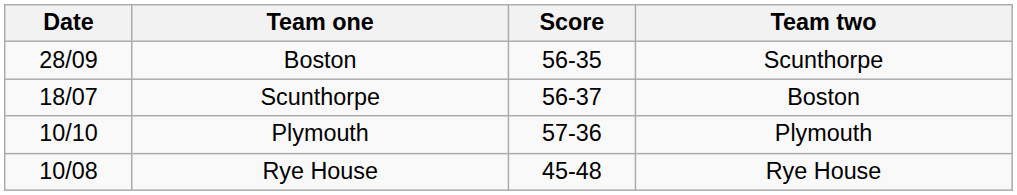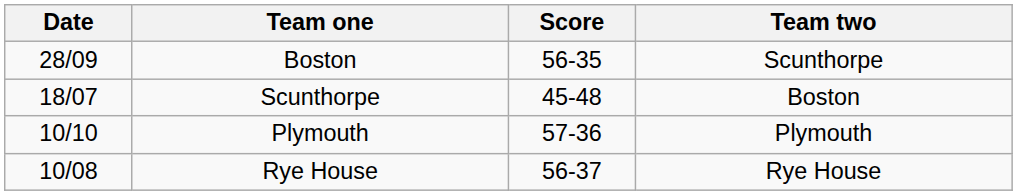 <table class="wikitable" style="text-align: center">
 <tr>
 <th width=80>Date</th>
 <th width=250>Team one</th>
 <th width=80>Score</th>
 <th width=250>Team two</th>
 </tr>
 <tr>
 <td>28/09</td>
 <td>Boston</td>
 <td>56-35</td>
 <td>Scunthorpe</td>
 </tr>
 <tr>
 <td>18/07</td>
 <td>Scunthorpe</td>
-<td>56-37</td>
+<td>45-48</td>
 <td>Boston</td>
 </tr>
 <tr>
 <td>10/10</td>
 <td>Plymouth</td>
 <td>57-36</td>
 <td>Plymouth</td>
 </tr>
 <tr>
 <td>10/08</td>
 <td>Rye House</td>
-<td>45-48</td>
+<td>56-37</td>
 <td>Rye House</td>
 </tr>
 </table>
